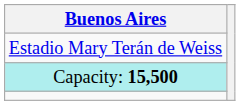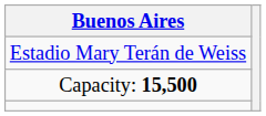 <table class="wikitable" style="text-align:center;">
 <tr>
 <th><a href='#'>Buenos Aires</a></th>
 <th rowspan="4"></th>
 </tr>
 <tr>
 <td><a href='#'>Estadio Mary Terán de Weiss</a></td>
 </tr>
 <tr>
-<td style="background: paleturquoise;">Capacity: <strong>15,500</strong></td>
+<td>Capacity: <strong>15,500</strong></td>
 </tr>
 <tr>
 <td></td>
 </tr>
 </table>
